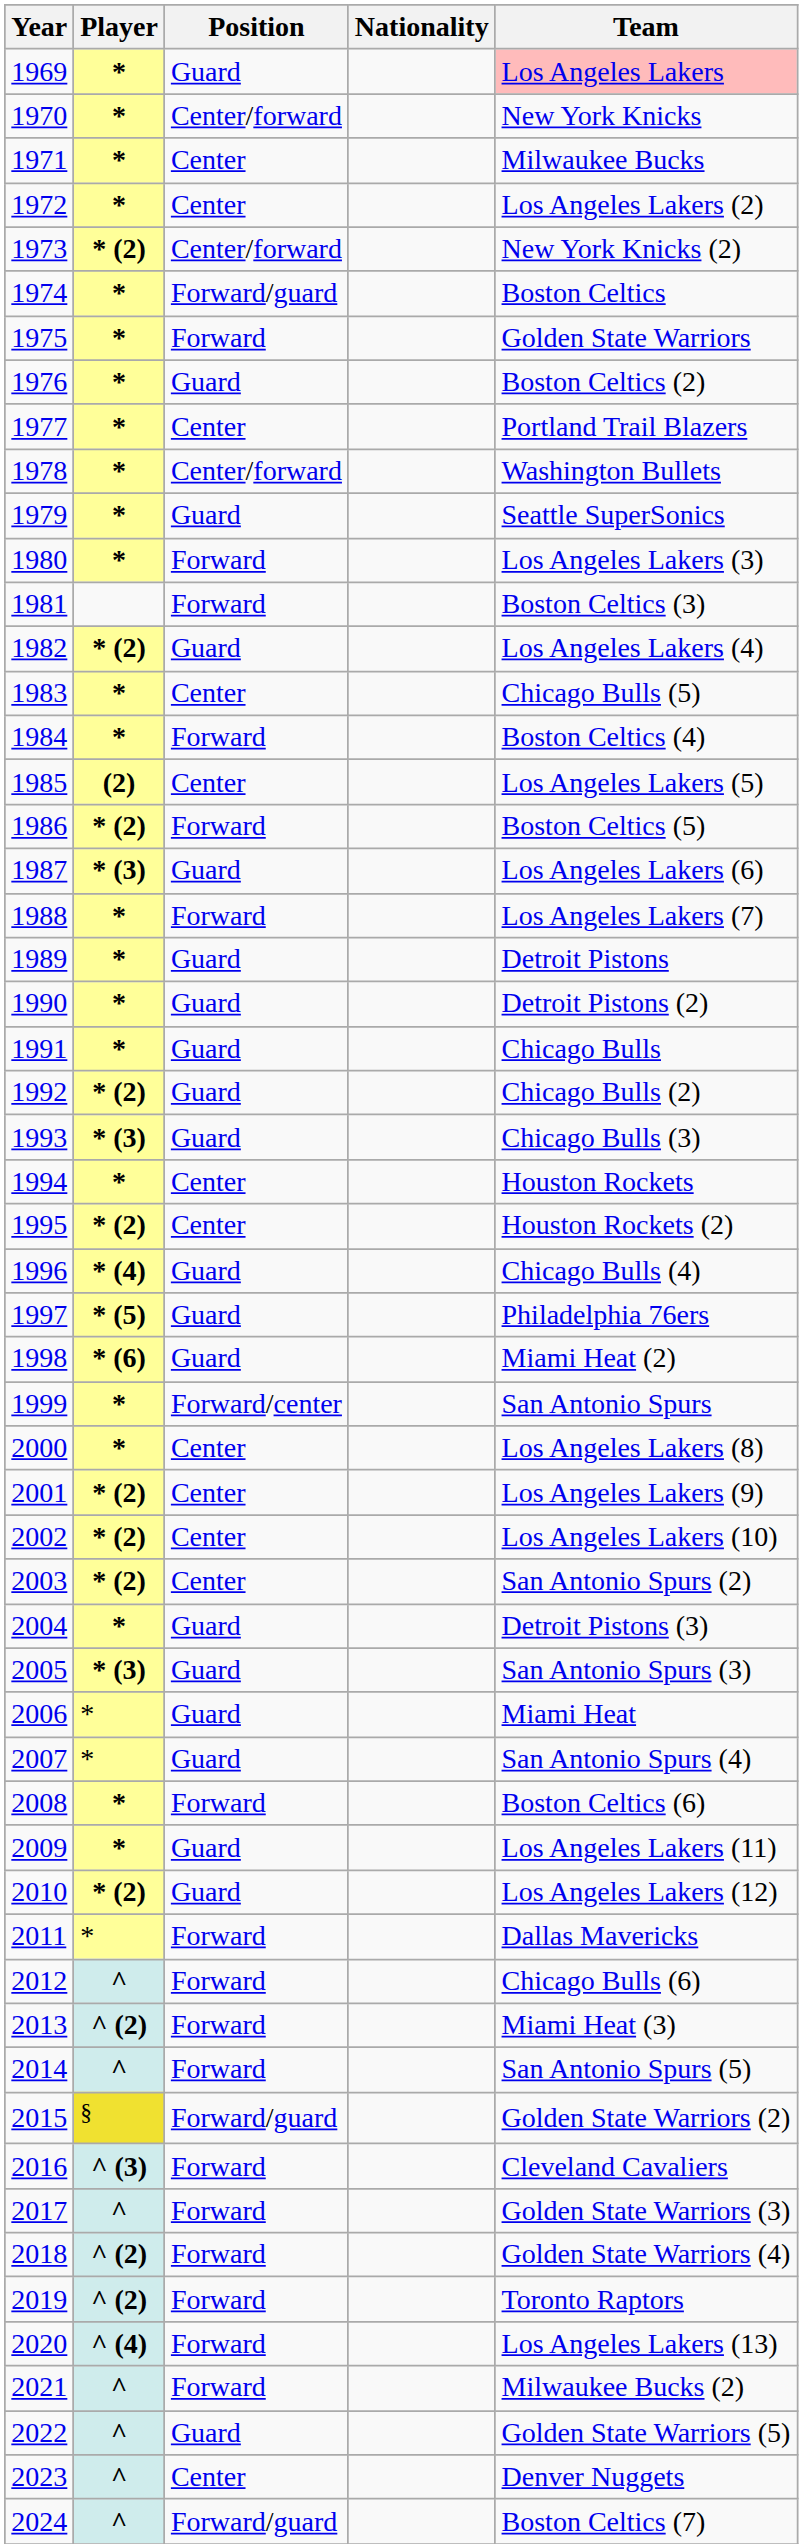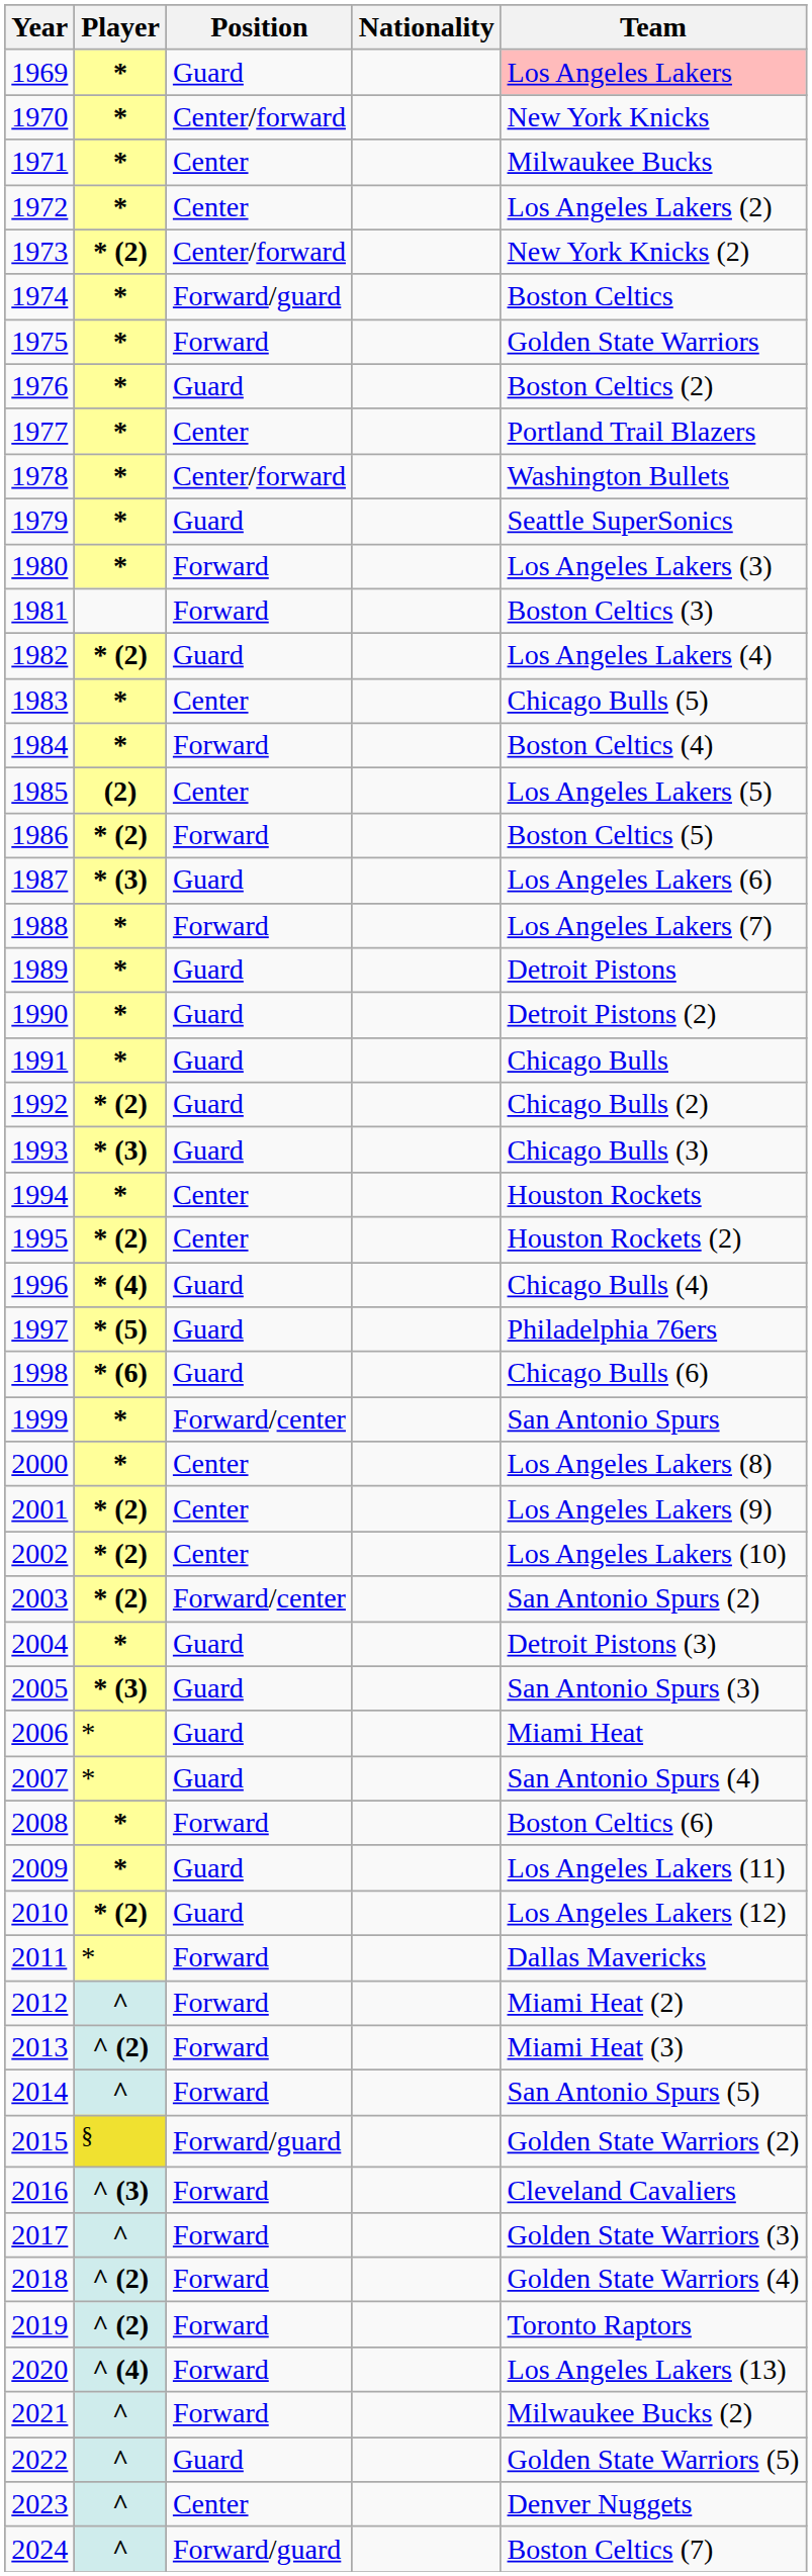 <table class="wikitable plainrowheaders sortable" summary="Year (sortable), Player (sortable), Position (sortable), Place of birth (sortable) and Team (sortable)">
 <tr>
 <th scope="col">Year</th>
 <th scope="col">Player</th>
 <th scope="col">Position</th>
 <th scope="col">Nationality</th>
 <th scope="col">Team</th>
 </tr>
 <tr>
 <td><a href='#'>1969</a></td>
 <th scope="row" style="background-color:#FFFF99">*</th>
 <td><a href='#'>Guard</a></td>
 <td></td>
 <td bgcolor="#ffbbbb"><a href='#'>Los Angeles Lakers</a> </td>
 </tr>
 <tr>
 <td><a href='#'>1970</a></td>
 <th scope="row" style="background-color:#FFFF99">*</th>
 <td><a href='#'>Center</a>/<a href='#'>forward</a></td>
 <td></td>
 <td><a href='#'>New York Knicks</a></td>
 </tr>
 <tr>
 <td><a href='#'>1971</a></td>
 <th scope="row" style="background-color:#FFFF99">*</th>
 <td><a href='#'>Center</a></td>
 <td></td>
 <td><a href='#'>Milwaukee Bucks</a></td>
 </tr>
 <tr>
 <td><a href='#'>1972</a></td>
 <th scope="row" style="background-color:#FFFF99">*</th>
 <td><a href='#'>Center</a></td>
 <td></td>
 <td><a href='#'>Los Angeles Lakers</a> (2)</td>
 </tr>
 <tr>
 <td><a href='#'>1973</a></td>
 <th scope="row" style="background-color:#FFFF99">* (2)</th>
 <td><a href='#'>Center</a>/<a href='#'>forward</a></td>
 <td></td>
 <td><a href='#'>New York Knicks</a> (2)</td>
 </tr>
 <tr>
 <td><a href='#'>1974</a></td>
 <th scope="row" style="background-color:#FFFF99">*</th>
 <td><a href='#'>Forward</a>/<a href='#'>guard</a></td>
 <td></td>
 <td><a href='#'>Boston Celtics</a></td>
 </tr>
 <tr>
 <td><a href='#'>1975</a></td>
 <th scope="row" style="background-color:#FFFF99">*</th>
 <td><a href='#'>Forward</a></td>
 <td></td>
 <td><a href='#'>Golden State Warriors</a></td>
 </tr>
 <tr>
 <td><a href='#'>1976</a></td>
 <th scope="row" style="background-color:#FFFF99">*</th>
 <td><a href='#'>Guard</a></td>
 <td></td>
 <td><a href='#'>Boston Celtics</a> (2)</td>
 </tr>
 <tr>
 <td><a href='#'>1977</a></td>
 <th scope="row" style="background-color:#FFFF99">*</th>
 <td><a href='#'>Center</a></td>
 <td></td>
 <td><a href='#'>Portland Trail Blazers</a></td>
 </tr>
 <tr>
 <td><a href='#'>1978</a></td>
 <th scope="row" style="background-color:#FFFF99">*</th>
 <td><a href='#'>Center</a>/<a href='#'>forward</a></td>
 <td></td>
 <td><a href='#'>Washington Bullets</a></td>
 </tr>
 <tr>
 <td><a href='#'>1979</a></td>
 <th scope="row" style="background-color:#FFFF99">*</th>
 <td><a href='#'>Guard</a></td>
 <td></td>
 <td><a href='#'>Seattle SuperSonics</a></td>
 </tr>
 <tr>
 <td><a href='#'>1980</a></td>
 <th scope="row" style="background-color:#FFFF99">*</th>
 <td><a href='#'>Forward</a></td>
 <td></td>
 <td><a href='#'>Los Angeles Lakers</a> (3)</td>
 </tr>
 <tr>
 <td><a href='#'>1981</a></td>
 <th scope="row" style="background-color:transparent;"></th>
 <td><a href='#'>Forward</a></td>
 <td></td>
 <td><a href='#'>Boston Celtics</a> (3)</td>
 </tr>
 <tr>
 <td><a href='#'>1982</a></td>
 <th scope="row" style="background-color:#FFFF99">* (2)</th>
 <td><a href='#'>Guard</a></td>
 <td></td>
 <td><a href='#'>Los Angeles Lakers</a> (4)</td>
 </tr>
 <tr>
 <td><a href='#'>1983</a></td>
 <th scope="row" style="background-color:#FFFF99">*</th>
 <td><a href='#'>Center</a></td>
 <td></td>
 <td><a href='#'>Chicago Bulls</a> (5)</td>
 </tr>
 <tr>
 <td><a href='#'>1984</a></td>
 <th scope="row" style="background-color:#FFFF99">*</th>
 <td><a href='#'>Forward</a></td>
 <td></td>
 <td><a href='#'>Boston Celtics</a> (4)</td>
 </tr>
 <tr>
 <td><a href='#'>1985</a></td>
 <th scope="row" style="background-color:#FFFF99"> (2)</th>
 <td><a href='#'>Center</a></td>
 <td></td>
 <td><a href='#'>Los Angeles Lakers</a> (5)</td>
 </tr>
 <tr>
 <td><a href='#'>1986</a></td>
 <th scope="row" style="background-color:#FFFF99">* (2)</th>
 <td><a href='#'>Forward</a></td>
 <td></td>
 <td><a href='#'>Boston Celtics</a> (5)</td>
 </tr>
 <tr>
 <td><a href='#'>1987</a></td>
 <th scope="row" style="background-color:#FFFF99">* (3)</th>
 <td><a href='#'>Guard</a></td>
 <td></td>
 <td><a href='#'>Los Angeles Lakers</a> (6)</td>
 </tr>
 <tr>
 <td><a href='#'>1988</a></td>
 <th scope="row" style="background-color:#FFFF99">*</th>
 <td><a href='#'>Forward</a></td>
 <td></td>
 <td><a href='#'>Los Angeles Lakers</a> (7)</td>
 </tr>
 <tr>
 <td><a href='#'>1989</a></td>
 <th scope="row" style="background-color:#FFFF99">*</th>
 <td><a href='#'>Guard</a></td>
 <td></td>
 <td><a href='#'>Detroit Pistons</a></td>
 </tr>
 <tr>
 <td><a href='#'>1990</a></td>
 <th scope="row" style="background-color:#FFFF99">*</th>
 <td><a href='#'>Guard</a></td>
 <td></td>
 <td><a href='#'>Detroit Pistons</a> (2)</td>
 </tr>
 <tr>
 <td><a href='#'>1991</a></td>
 <th scope="row" style="background-color:#FFFF99">*</th>
 <td><a href='#'>Guard</a></td>
 <td></td>
 <td><a href='#'>Chicago Bulls</a></td>
 </tr>
 <tr>
 <td><a href='#'>1992</a></td>
 <th scope="row" style="background-color:#FFFF99">* (2)</th>
 <td><a href='#'>Guard</a></td>
 <td></td>
 <td><a href='#'>Chicago Bulls</a> (2)</td>
 </tr>
 <tr>
 <td><a href='#'>1993</a></td>
 <th scope="row" style="background-color:#FFFF99">* (3)</th>
 <td><a href='#'>Guard</a></td>
 <td></td>
 <td><a href='#'>Chicago Bulls</a> (3)</td>
 </tr>
 <tr>
 <td><a href='#'>1994</a></td>
 <th scope="row" style="background-color:#FFFF99">*</th>
 <td><a href='#'>Center</a></td>
 <td></td>
 <td><a href='#'>Houston Rockets</a></td>
 </tr>
 <tr>
 <td><a href='#'>1995</a></td>
 <th scope="row" style="background-color:#FFFF99">* (2)</th>
 <td><a href='#'>Center</a></td>
 <td></td>
 <td><a href='#'>Houston Rockets</a> (2)</td>
 </tr>
 <tr>
 <td><a href='#'>1996</a></td>
 <th scope="row" style="background-color:#FFFF99">* (4)</th>
 <td><a href='#'>Guard</a></td>
 <td></td>
 <td><a href='#'>Chicago Bulls</a> (4)</td>
 </tr>
 <tr>
 <td><a href='#'>1997</a></td>
 <th scope="row" style="background-color:#FFFF99">* (5)</th>
 <td><a href='#'>Guard</a></td>
 <td></td>
 <td><a href='#'>Philadelphia 76ers</a></td>
 </tr>
 <tr>
 <td><a href='#'>1998</a></td>
 <th scope="row" style="background-color:#FFFF99">* (6)</th>
 <td><a href='#'>Guard</a></td>
 <td></td>
-<td><a href='#'>Miami Heat</a> (2)</td>
+<td><a href='#'>Chicago Bulls</a> (6)</td>
 </tr>
 <tr>
 <td><a href='#'>1999</a></td>
 <th scope="row" style="background-color:#FFFF99">*</th>
 <td><a href='#'>Forward</a>/<a href='#'>center</a></td>
 <td></td>
 <td><a href='#'>San Antonio Spurs</a></td>
 </tr>
 <tr>
 <td><a href='#'>2000</a></td>
 <th scope="row" style="background-color:#FFFF99">*</th>
 <td><a href='#'>Center</a></td>
 <td></td>
 <td><a href='#'>Los Angeles Lakers</a> (8)</td>
 </tr>
 <tr>
 <td><a href='#'>2001</a></td>
 <th scope="row" style="background-color:#FFFF99">* (2)</th>
 <td><a href='#'>Center</a></td>
 <td></td>
 <td><a href='#'>Los Angeles Lakers</a> (9)</td>
 </tr>
 <tr>
 <td><a href='#'>2002</a></td>
 <th scope="row" style="background-color:#FFFF99">* (2)</th>
 <td><a href='#'>Center</a></td>
 <td></td>
 <td><a href='#'>Los Angeles Lakers</a> (10)</td>
 </tr>
 <tr>
 <td><a href='#'>2003</a></td>
 <th scope="row" style="background-color:#FFFF99">* (2)</th>
-<td><a href='#'>Center</a></td>
+<td><a href='#'>Forward</a>/<a href='#'>center</a></td>
 <td></td>
 <td><a href='#'>San Antonio Spurs</a> (2)</td>
 </tr>
 <tr>
 <td><a href='#'>2004</a></td>
 <th scope="row" style="background-color:#FFFF99">*</th>
 <td><a href='#'>Guard</a></td>
 <td></td>
 <td><a href='#'>Detroit Pistons</a> (3)</td>
 </tr>
 <tr>
 <td><a href='#'>2005</a></td>
 <th scope="row" style="background-color:#FFFF99">* (3)</th>
 <td><a href='#'>Guard</a></td>
 <td></td>
 <td><a href='#'>San Antonio Spurs</a> (3)</td>
 </tr>
 <tr>
 <td><a href='#'>2006</a></td>
 <td !scope="row" style="background-color:#FFFF99">*</td>
 <td><a href='#'>Guard</a></td>
 <td></td>
 <td><a href='#'>Miami Heat</a></td>
 </tr>
 <tr>
 <td><a href='#'>2007</a></td>
 <td !scope="row" style="background-color:#FFFF99">*</td>
 <td><a href='#'>Guard</a></td>
 <td></td>
 <td><a href='#'>San Antonio Spurs</a> (4)</td>
 </tr>
 <tr>
 <td><a href='#'>2008</a></td>
 <th scope="row" style="background-color:#FFFF99">*</th>
 <td><a href='#'>Forward</a></td>
 <td></td>
 <td><a href='#'>Boston Celtics</a> (6)</td>
 </tr>
 <tr>
 <td><a href='#'>2009</a></td>
 <th scope="row" style="background-color:#FFFF99">*</th>
 <td><a href='#'>Guard</a></td>
 <td></td>
 <td><a href='#'>Los Angeles Lakers</a> (11)</td>
 </tr>
 <tr>
 <td><a href='#'>2010</a></td>
 <th scope="row" style="background-color:#FFFF99">* (2)</th>
 <td><a href='#'>Guard</a></td>
 <td></td>
 <td><a href='#'>Los Angeles Lakers</a> (12)</td>
 </tr>
 <tr>
 <td><a href='#'>2011</a></td>
 <td !scope="row" style="background-color:#FFFF99">*</td>
 <td><a href='#'>Forward</a></td>
 <td></td>
 <td><a href='#'>Dallas Mavericks</a></td>
 </tr>
 <tr>
 <td><a href='#'>2012</a></td>
 <th scope="row" style="background-color:#CFECEC">^</th>
 <td><a href='#'>Forward</a></td>
 <td></td>
-<td><a href='#'>Chicago Bulls</a> (6)</td>
+<td><a href='#'>Miami Heat</a> (2)</td>
 </tr>
 <tr>
 <td><a href='#'>2013</a></td>
 <th scope="row" style="background-color:#CFECEC">^ (2)</th>
 <td><a href='#'>Forward</a></td>
 <td></td>
 <td><a href='#'>Miami Heat</a> (3)</td>
 </tr>
 <tr>
 <td><a href='#'>2014</a></td>
 <th scope="row" style="background-color:#CFECEC">^</th>
 <td><a href='#'>Forward</a></td>
 <td></td>
 <td><a href='#'>San Antonio Spurs</a> (5)</td>
 </tr>
 <tr>
 <td><a href='#'>2015</a></td>
 <td style="background:#F0E130"><sup>§</sup></td>
 <td><a href='#'>Forward</a>/<a href='#'>guard</a></td>
 <td></td>
 <td><a href='#'>Golden State Warriors</a> (2)</td>
 </tr>
 <tr>
 <td><a href='#'>2016</a></td>
 <th scope="row" style="background-color:#CFECEC">^ (3)</th>
 <td><a href='#'>Forward</a></td>
 <td></td>
 <td><a href='#'>Cleveland Cavaliers</a></td>
 </tr>
 <tr>
 <td><a href='#'>2017</a></td>
 <th scope="row" style="background-color:#CFECEC">^</th>
 <td><a href='#'>Forward</a></td>
 <td></td>
 <td><a href='#'>Golden State Warriors</a> (3)</td>
 </tr>
 <tr>
 <td><a href='#'>2018</a></td>
 <th scope="row" style="background-color:#CFECEC">^ (2)</th>
 <td><a href='#'>Forward</a></td>
 <td></td>
 <td><a href='#'>Golden State Warriors</a> (4)</td>
 </tr>
 <tr>
 <td><a href='#'>2019</a></td>
 <th scope="row" style="background-color:#CFECEC">^ (2)</th>
 <td><a href='#'>Forward</a></td>
 <td></td>
 <td><a href='#'>Toronto Raptors</a></td>
 </tr>
 <tr>
 <td><a href='#'>2020</a></td>
 <th scope="row" style="background-color:#CFECEC">^ (4)</th>
 <td><a href='#'>Forward</a></td>
 <td></td>
 <td><a href='#'>Los Angeles Lakers</a> (13)</td>
 </tr>
 <tr>
 <td><a href='#'>2021</a></td>
 <th scope="row" style="background-color:#CFECEC">^</th>
 <td><a href='#'>Forward</a></td>
 <td></td>
 <td><a href='#'>Milwaukee Bucks</a> (2)</td>
 </tr>
 <tr>
 <td><a href='#'>2022</a></td>
 <th scope="row" style="background-color:#CFECEC">^</th>
 <td><a href='#'>Guard</a></td>
 <td></td>
 <td><a href='#'>Golden State Warriors</a> (5)</td>
 </tr>
 <tr>
 <td><a href='#'>2023</a></td>
 <th scope="row" style="background-color:#CFECEC">^</th>
 <td><a href='#'>Center</a></td>
 <td></td>
 <td><a href='#'>Denver Nuggets</a></td>
 </tr>
 <tr>
 <td><a href='#'>2024</a></td>
 <th scope="row" style="background-color:#CFECEC">^</th>
 <td><a href='#'>Forward</a>/<a href='#'>guard</a></td>
 <td></td>
 <td><a href='#'>Boston Celtics</a> (7)</td>
 </tr>
 </table>
